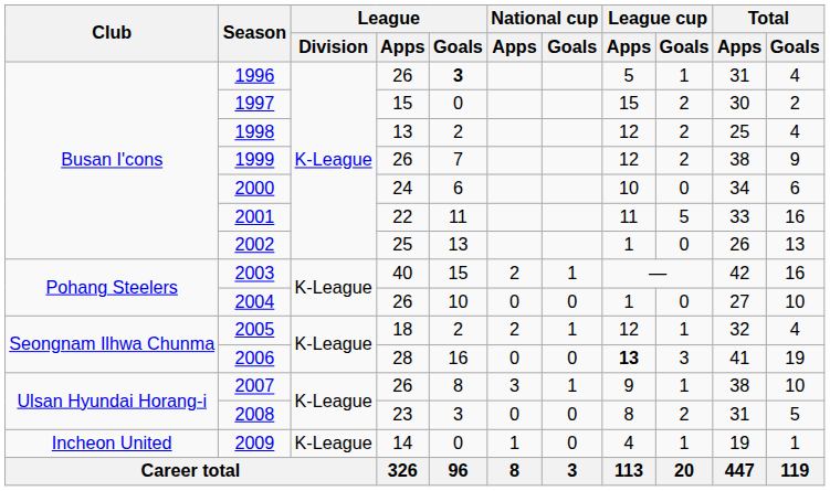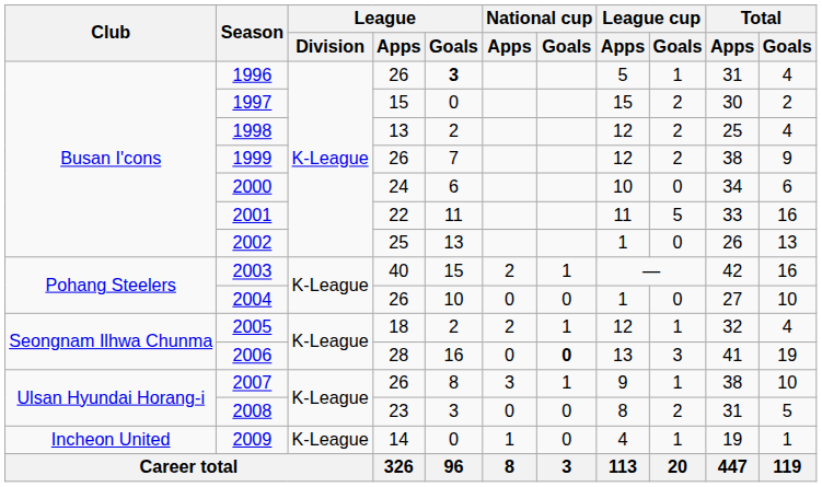 <table class="wikitable" style="text-align:center">
 <tr>
 <th rowspan="2">Club</th>
 <th rowspan="2">Season</th>
 <th colspan="3">League</th>
 <th colspan="2">National cup</th>
 <th colspan="2">League cup</th>
 <th colspan="2">Total</th>
 </tr>
 <tr>
 <th>Division</th>
 <th>Apps</th>
 <th>Goals</th>
 <th>Apps</th>
 <th>Goals</th>
 <th>Apps</th>
 <th>Goals</th>
 <th>Apps</th>
 <th>Goals</th>
 </tr>
 <tr>
 <td rowspan="7"><a href='#'>Busan I'cons</a></td>
 <td><a href='#'>1996</a></td>
 <td rowspan="7"><a href='#'>K-League</a></td>
 <td>26</td>
 <td><strong>3</strong></td>
 <td></td>
 <td></td>
 <td>5</td>
 <td>1</td>
 <td>31</td>
 <td>4</td>
 </tr>
 <tr>
 <td><a href='#'>1997</a></td>
 <td>15</td>
 <td>0</td>
 <td></td>
 <td></td>
 <td>15</td>
 <td>2</td>
 <td>30</td>
 <td>2</td>
 </tr>
 <tr>
 <td><a href='#'>1998</a></td>
 <td>13</td>
 <td>2</td>
 <td></td>
 <td></td>
 <td>12</td>
 <td>2</td>
 <td>25</td>
 <td>4</td>
 </tr>
 <tr>
 <td><a href='#'>1999</a></td>
 <td>26</td>
 <td>7</td>
 <td></td>
 <td></td>
 <td>12</td>
 <td>2</td>
 <td>38</td>
 <td>9</td>
 </tr>
 <tr>
 <td><a href='#'>2000</a></td>
 <td>24</td>
 <td>6</td>
 <td></td>
 <td></td>
 <td>10</td>
 <td>0</td>
 <td>34</td>
 <td>6</td>
 </tr>
 <tr>
 <td><a href='#'>2001</a></td>
 <td>22</td>
 <td>11</td>
 <td></td>
 <td></td>
 <td>11</td>
 <td>5</td>
 <td>33</td>
 <td>16</td>
 </tr>
 <tr>
 <td><a href='#'>2002</a></td>
 <td>25</td>
 <td>13</td>
 <td></td>
 <td></td>
 <td>1</td>
 <td>0</td>
 <td>26</td>
 <td>13</td>
 </tr>
 <tr>
 <td rowspan="2"><a href='#'>Pohang Steelers</a></td>
 <td><a href='#'>2003</a></td>
 <td rowspan="2">K-League</td>
 <td>40</td>
 <td>15</td>
 <td>2</td>
 <td>1</td>
 <td colspan="2">—</td>
 <td>42</td>
 <td>16</td>
 </tr>
 <tr>
 <td><a href='#'>2004</a></td>
 <td>26</td>
 <td>10</td>
 <td>0</td>
 <td>0</td>
 <td>1</td>
 <td>0</td>
 <td>27</td>
 <td>10</td>
 </tr>
 <tr>
 <td rowspan="2"><a href='#'>Seongnam Ilhwa Chunma</a></td>
 <td><a href='#'>2005</a></td>
 <td rowspan="2">K-League</td>
 <td>18</td>
 <td>2</td>
 <td>2</td>
 <td>1</td>
 <td>12</td>
 <td>1</td>
 <td>32</td>
 <td>4</td>
 </tr>
 <tr>
 <td><a href='#'>2006</a></td>
 <td>28</td>
 <td>16</td>
 <td>0</td>
-<td>0</td>
-<td><strong>13</strong></td>
+<td><strong>0</strong></td>
+<td>13</td>
 <td>3</td>
 <td>41</td>
 <td>19</td>
 </tr>
 <tr>
 <td rowspan="2"><a href='#'>Ulsan Hyundai Horang-i</a></td>
 <td><a href='#'>2007</a></td>
 <td rowspan="2">K-League</td>
 <td>26</td>
 <td>8</td>
 <td>3</td>
 <td>1</td>
 <td>9</td>
 <td>1</td>
 <td>38</td>
 <td>10</td>
 </tr>
 <tr>
 <td><a href='#'>2008</a></td>
 <td>23</td>
 <td>3</td>
 <td>0</td>
 <td>0</td>
 <td>8</td>
 <td>2</td>
 <td>31</td>
 <td>5</td>
 </tr>
 <tr>
 <td><a href='#'>Incheon United</a></td>
 <td><a href='#'>2009</a></td>
 <td>K-League</td>
 <td>14</td>
 <td>0</td>
 <td>1</td>
 <td>0</td>
 <td>4</td>
 <td>1</td>
 <td>19</td>
 <td>1</td>
 </tr>
 <tr>
 <th colspan="3">Career total</th>
 <th>326</th>
 <th>96</th>
 <th>8</th>
 <th>3</th>
 <th>113</th>
 <th>20</th>
 <th>447</th>
 <th>119</th>
 </tr>
 </table>
